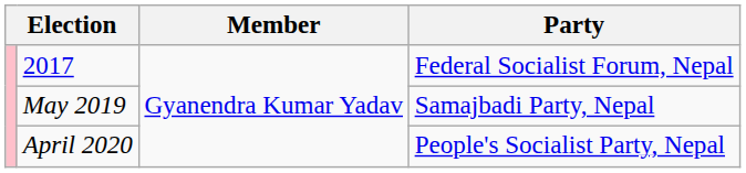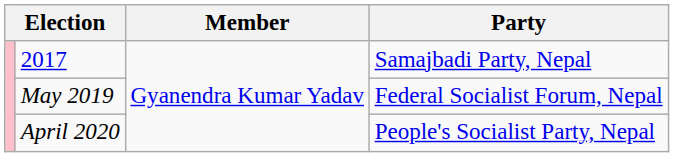 <table class="wikitable">
 <tr>
 <th colspan="2">Election</th>
 <th>Member</th>
 <th>Party</th>
 </tr>
 <tr>
 <td rowspan="3" style="background-color:#ffc0cb"></td>
 <td><a href='#'>2017</a></td>
 <td rowspan="3"><a href='#'>Gyanendra Kumar Yadav</a></td>
-<td><a href='#'>Federal Socialist Forum, Nepal</a></td>
+<td><a href='#'>Samajbadi Party, Nepal</a></td>
 </tr>
 <tr>
 <td><em>May 2019</em></td>
-<td><a href='#'>Samajbadi Party, Nepal</a></td>
+<td><a href='#'>Federal Socialist Forum, Nepal</a></td>
 </tr>
 <tr>
 <td><em>April 2020</em></td>
 <td><a href='#'>People's Socialist Party, Nepal</a></td>
 </tr>
 </table>
